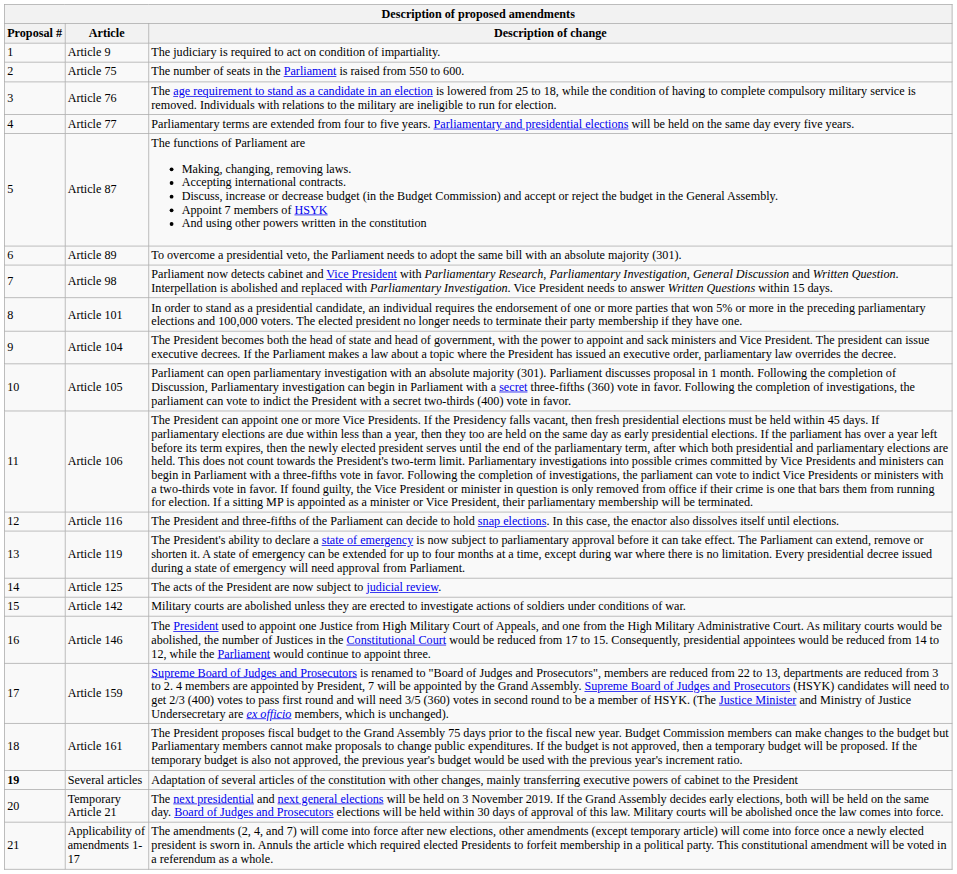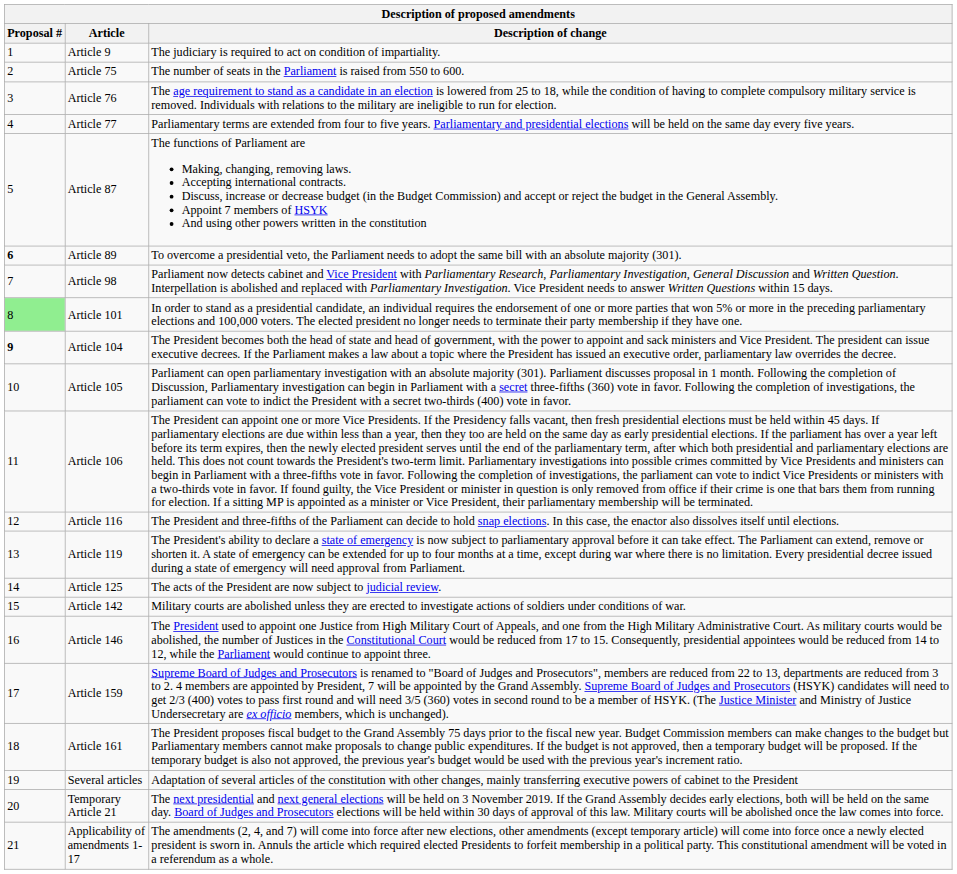 <table class="wikitable mw-collapsible">
 <tr>
 <th colspan=3>Description of proposed amendments</th>
 </tr>
 <tr>
 <th>Proposal #</th>
 <th>Article</th>
 <th>Description of change</th>
 </tr>
 <tr>
 <td>1</td>
 <td>Article 9</td>
 <td>The judiciary is required to act on condition of impartiality.</td>
 </tr>
 <tr>
 <td>2</td>
 <td>Article 75</td>
 <td>The number of seats in the <a href='#'>Parliament</a> is raised from 550 to 600.</td>
 </tr>
 <tr>
 <td>3</td>
 <td>Article 76</td>
 <td>The <a href='#'>age requirement to stand as a candidate in an election</a> is lowered from 25 to 18, while the condition of having to complete compulsory military service is removed. Individuals with relations to the military are ineligible to run for election.</td>
 </tr>
 <tr>
 <td>4</td>
 <td>Article 77</td>
 <td>Parliamentary terms are extended from four to five years. <a href='#'>Parliamentary and presidential elections</a> will be held on the same day every five years.</td>
 </tr>
 <tr>
 <td>5</td>
 <td>Article 87</td>
 <td>The functions of Parliament are<br><ul><li>Making, changing, removing laws.</li><li>Accepting international contracts.</li><li>Discuss, increase or decrease budget (in the Budget Commission) and accept or reject the budget in the General Assembly.</li><li>Appoint 7 members of <a href='#'>HSYK</a></li><li>And using other powers written in the constitution</li></ul></td>
 </tr>
 <tr>
-<td>6</td>
+<td><strong>6</strong></td>
 <td>Article 89</td>
 <td>To overcome a presidential veto, the Parliament needs to adopt the same bill with an absolute majority (301).</td>
 </tr>
 <tr>
 <td>7</td>
 <td>Article 98</td>
 <td>Parliament now detects cabinet and <a href='#'>Vice President</a> with <em>Parliamentary Research</em>, <em>Parliamentary Investigation</em>, <em>General Discussion</em> and <em>Written Question</em>. Interpellation is abolished and replaced with <em>Parliamentary Investigation</em>. Vice President needs to answer <em>Written Questions</em> within 15 days.</td>
 </tr>
 <tr>
-<td>8</td>
+<td style="background: lightgreen;">8</td>
 <td>Article 101</td>
 <td>In order to stand as a presidential candidate, an individual requires the endorsement of one or more parties that won 5% or more in the preceding parliamentary elections and 100,000 voters. The elected president no longer needs to terminate their party membership if they have one.</td>
 </tr>
 <tr>
-<td>9</td>
+<td><strong>9</strong></td>
 <td>Article 104</td>
 <td>The President becomes both the head of state and head of government, with the power to appoint and sack ministers and Vice President. The president can issue executive decrees. If the Parliament makes a law about a topic where the President has issued an executive order, parliamentary law overrides the decree.</td>
 </tr>
 <tr>
 <td>10</td>
 <td>Article 105</td>
 <td>Parliament can open parliamentary investigation with an absolute majority (301). Parliament discusses proposal in 1 month. Following the completion of Discussion, Parliamentary investigation can begin in Parliament with a <a href='#'>secret</a> three-fifths (360) vote in favor. Following the completion of investigations, the parliament can vote to indict the President with a secret two-thirds (400) vote in favor.</td>
 </tr>
 <tr>
 <td>11</td>
 <td>Article 106</td>
 <td>The President can appoint one or more Vice Presidents. If the Presidency falls vacant, then fresh presidential elections must be held within 45 days. If parliamentary elections are due within less than a year, then they too are held on the same day as early presidential elections. If the parliament has over a year left before its term expires, then the newly elected president serves until the end of the parliamentary term, after which both presidential and parliamentary elections are held. This does not count towards the President's two-term limit. Parliamentary investigations into possible crimes committed by Vice Presidents and ministers can begin in Parliament with a three-fifths vote in favor. Following the completion of investigations, the parliament can vote to indict Vice Presidents or ministers with a two-thirds vote in favor. If found guilty, the Vice President or minister in question is only removed from office if their crime is one that bars them from running for election. If a sitting MP is appointed as a minister or Vice President, their parliamentary membership will be terminated.</td>
 </tr>
 <tr>
 <td>12</td>
 <td>Article 116</td>
 <td>The President and three-fifths of the Parliament can decide to hold <a href='#'>snap elections</a>. In this case, the enactor also dissolves itself until elections.</td>
 </tr>
 <tr>
 <td>13</td>
 <td>Article 119</td>
 <td>The President's ability to declare a <a href='#'>state of emergency</a> is now subject to parliamentary approval before it can take effect. The Parliament can extend, remove or shorten it. A state of emergency can be extended for up to four months at a time, except during war where there is no limitation. Every presidential decree issued during a state of emergency will need approval from Parliament.</td>
 </tr>
 <tr>
 <td>14</td>
 <td>Article 125</td>
 <td>The acts of the President are now subject to <a href='#'>judicial review</a>.</td>
 </tr>
 <tr>
 <td>15</td>
 <td>Article 142</td>
 <td>Military courts are abolished unless they are erected to investigate actions of soldiers under conditions of war.</td>
 </tr>
 <tr>
 <td>16</td>
 <td>Article 146</td>
 <td>The <a href='#'>President</a> used to appoint one Justice from High Military Court of Appeals, and one from the High Military Administrative Court. As military courts would be abolished, the number of Justices in the <a href='#'>Constitutional Court</a> would be reduced from 17 to 15. Consequently, presidential appointees would be reduced from 14 to 12, while the <a href='#'>Parliament</a> would continue to appoint three.</td>
 </tr>
 <tr>
 <td>17</td>
 <td>Article 159</td>
 <td><a href='#'>Supreme Board of Judges and Prosecutors</a> is renamed to "Board of Judges and Prosecutors", members are reduced from 22 to 13, departments are reduced from 3 to 2. 4 members are appointed by President, 7 will be appointed by the Grand Assembly. <a href='#'>Supreme Board of Judges and Prosecutors</a> (HSYK) candidates will need to get 2/3 (400) votes to pass first round and will need 3/5 (360) votes in second round to be a member of HSYK. (The <a href='#'>Justice Minister</a> and Ministry of Justice Undersecretary are <a href='#'><em>ex officio</em></a> members, which is unchanged).</td>
 </tr>
 <tr>
 <td>18</td>
 <td>Article 161</td>
 <td>The President proposes fiscal budget to the Grand Assembly 75 days prior to the fiscal new year. Budget Commission members can make changes to the budget but Parliamentary members cannot make proposals to change public expenditures. If the budget is not approved, then a temporary budget will be proposed. If the temporary budget is also not approved, the previous year's budget would be used with the previous year's increment ratio.</td>
 </tr>
 <tr>
-<td><strong>19</strong></td>
+<td>19</td>
 <td>Several articles</td>
 <td>Adaptation of several articles of the constitution with other changes, mainly transferring executive powers of cabinet to the President</td>
 </tr>
 <tr>
 <td>20</td>
 <td>Temporary Article 21</td>
 <td>The <a href='#'>next presidential</a> and <a href='#'>next general elections</a> will be held on 3 November 2019. If the Grand Assembly decides early elections, both will be held on the same day. <a href='#'>Board of Judges and Prosecutors</a> elections will be held within 30 days of approval of this law. Military courts will be abolished once the law comes into force.</td>
 </tr>
 <tr>
 <td>21</td>
 <td>Applicability of amendments 1-17</td>
 <td>The amendments (2, 4, and 7) will come into force after new elections, other amendments (except temporary article) will come into force once a newly elected president is sworn in. Annuls the article which required elected Presidents to forfeit membership in a political party. This constitutional amendment will be voted in a referendum as a whole.</td>
 </tr>
 </table>
